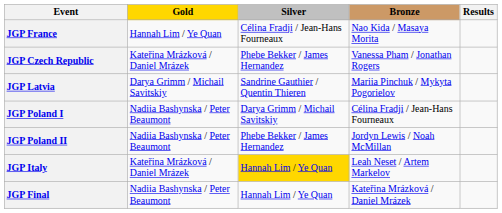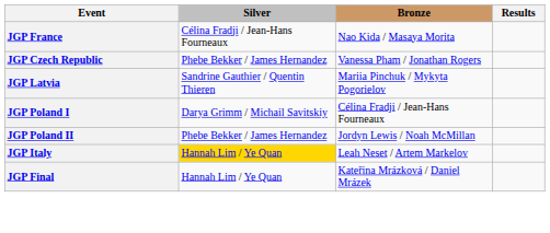 <table class="wikitable unsortable" style="text-align:left; width:90%;">
 <tr>
 <th scope="col" style="text-align:center; width:25%;">Event</th>
-<td scope="col" style="text-align:center; width:22.5%; background:gold"><strong>Gold</strong></td>
 <td scope="col" style="text-align:center; width:22.5%; background:silver"><strong>Silver</strong></td>
 <td scope="col" style="text-align:center; width:22.5%; background:#c96"><strong>Bronze</strong></td>
 <th scope="col" style="text-align:center; width:7.5%;">Results</th>
 </tr>
 <tr>
 <th scope="row" style="text-align:left"> <a href='#'>JGP France</a></th>
-<td> <a href='#'>Hannah Lim</a> / <a href='#'>Ye Quan</a></td>
 <td> <a href='#'>Célina Fradji</a> / Jean-Hans Fourneaux</td>
 <td> <a href='#'>Nao Kida</a> / <a href='#'>Masaya Morita</a></td>
 <td></td>
 </tr>
 <tr>
 <th scope="row" style="text-align:left"> <a href='#'>JGP Czech Republic</a></th>
-<td> <a href='#'>Kateřina Mrázková</a> / <a href='#'>Daniel Mrázek</a></td>
 <td> <a href='#'>Phebe Bekker</a> / <a href='#'>James Hernandez</a></td>
 <td> <a href='#'>Vanessa Pham</a> / <a href='#'>Jonathan Rogers</a></td>
 <td></td>
 </tr>
 <tr>
 <th scope="row" style="text-align:left"> <a href='#'>JGP Latvia</a></th>
-<td> <a href='#'>Darya Grimm</a> / <a href='#'>Michail Savitskiy</a></td>
 <td> <a href='#'>Sandrine Gauthier</a> / <a href='#'>Quentin Thieren</a></td>
 <td> <a href='#'>Mariia Pinchuk</a> / <a href='#'>Mykyta Pogorielov</a></td>
 <td></td>
 </tr>
 <tr>
 <th scope="row" style="text-align:left"> <a href='#'>JGP Poland I</a></th>
-<td> <a href='#'>Nadiia Bashynska</a> / <a href='#'>Peter Beaumont</a></td>
 <td> <a href='#'>Darya Grimm</a> / <a href='#'>Michail Savitskiy</a></td>
 <td> <a href='#'>Célina Fradji</a> / Jean-Hans Fourneaux</td>
 <td></td>
 </tr>
 <tr>
 <th scope="row" style="text-align:left"> <a href='#'>JGP Poland II</a></th>
-<td> <a href='#'>Nadiia Bashynska</a> / <a href='#'>Peter Beaumont</a></td>
 <td> <a href='#'>Phebe Bekker</a> / <a href='#'>James Hernandez</a></td>
 <td> <a href='#'>Jordyn Lewis</a> / <a href='#'>Noah McMillan</a></td>
 <td></td>
 </tr>
 <tr>
 <th scope="row" style="text-align:left"> <a href='#'>JGP Italy</a></th>
-<td> <a href='#'>Kateřina Mrázková</a> / <a href='#'>Daniel Mrázek</a></td>
 <td style="background: gold;"> <a href='#'>Hannah Lim</a> / <a href='#'>Ye Quan</a></td>
 <td> <a href='#'>Leah Neset</a> / <a href='#'>Artem Markelov</a></td>
 <td></td>
 </tr>
 <tr>
 <th scope="row" style="text-align:left"> <a href='#'>JGP Final</a></th>
-<td> <a href='#'>Nadiia Bashynska</a> / <a href='#'>Peter Beaumont</a></td>
 <td> <a href='#'>Hannah Lim</a> / <a href='#'>Ye Quan</a></td>
 <td> <a href='#'>Kateřina Mrázková</a> / <a href='#'>Daniel Mrázek</a></td>
 <td></td>
 </tr>
 </table>
